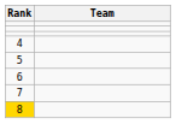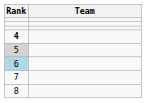 <table class="wikitable sortable" style="text-align:center">
 <tr>
 <th data-sort-type="number">Rank</th>
 <th style="width:170px;">Team</th>
 </tr>
 <tr>
 <td></td>
 <td align=left></td>
 </tr>
 <tr>
 <td></td>
 <td align=left></td>
 </tr>
 <tr>
 <td></td>
 <td align=left></td>
 </tr>
 <tr>
-<td>4</td>
+<td><strong>4</strong></td>
 <td align=left></td>
 </tr>
 <tr>
-<td>5</td>
+<td style="background: lightgrey;">5</td>
 <td align=left></td>
 </tr>
 <tr>
-<td>6</td>
+<td style="background: lightblue;">6</td>
 <td align=left></td>
 </tr>
 <tr>
 <td>7</td>
 <td align=left></td>
 </tr>
 <tr>
-<td style="background: gold;">8</td>
+<td>8</td>
 <td align=left></td>
 </tr>
 </table>
